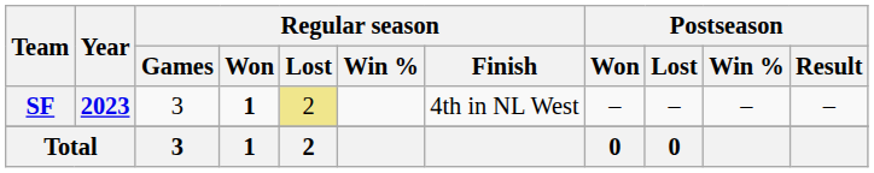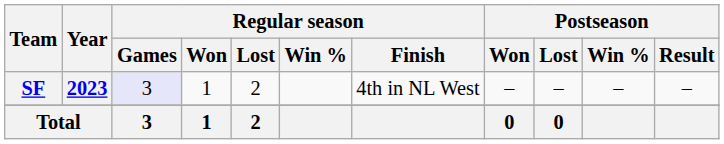 <table class="wikitable" style="font-size: 95%; text-align:center;">
 <tr>
 <th rowspan="2">Team</th>
 <th rowspan="2">Year</th>
 <th colspan="5">Regular season</th>
 <th colspan="4">Postseason</th>
 </tr>
 <tr>
 <th>Games</th>
 <th>Won</th>
 <th>Lost</th>
 <th>Win %</th>
 <th>Finish</th>
 <th>Won</th>
 <th>Lost</th>
 <th>Win %</th>
 <th>Result</th>
 </tr>
 <tr>
 <th><a href='#'>SF</a></th>
 <th><a href='#'>2023</a></th>
-<td>3</td>
-<td><strong>1</strong></td>
-<td style="background: khaki;">2</td>
+<td style="background: lavender;">3</td>
+<td>1</td>
+<td>2</td>
 <td></td>
 <td>4th in NL West</td>
 <td>–</td>
 <td>–</td>
 <td>–</td>
 <td>–</td>
 </tr>
 <tr>
 </tr>
 <tr>
 <th colspan="2">Total</th>
 <th>3</th>
 <th>1</th>
 <th>2</th>
 <th></th>
 <th></th>
 <th>0</th>
 <th>0</th>
 <th></th>
 <th></th>
 </tr>
 </table>
